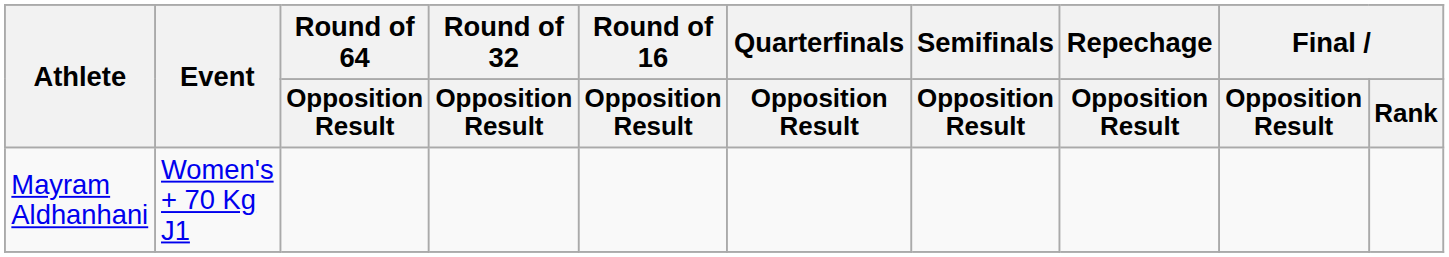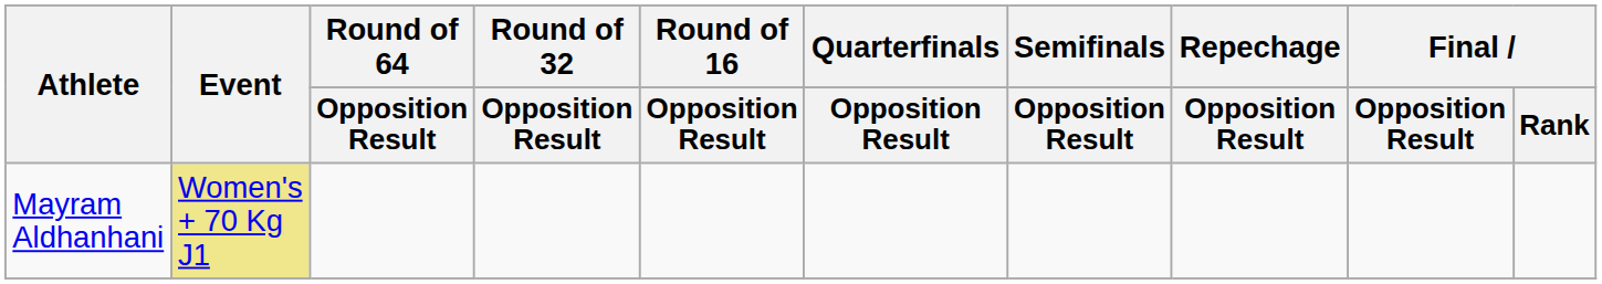 <table class="wikitable" style="font-size:90%">
 <tr>
 <th rowspan="2">Athlete</th>
 <th rowspan="2">Event</th>
 <th>Round of 64</th>
 <th>Round of 32</th>
 <th>Round of 16</th>
 <th>Quarterfinals</th>
 <th>Semifinals</th>
 <th>Repechage</th>
 <th colspan=2>Final / </th>
 </tr>
 <tr style="font-size:95%">
 <th>Opposition<br>Result</th>
 <th>Opposition<br>Result</th>
 <th>Opposition<br>Result</th>
 <th>Opposition<br>Result</th>
 <th>Opposition<br>Result</th>
 <th>Opposition<br>Result</th>
 <th>Opposition<br>Result</th>
 <th>Rank</th>
 </tr>
 <tr align=center>
 <td align=left><a href='#'>Mayram Aldhanhani</a></td>
-<td align=left><a href='#'>Women's + 70 Kg J1</a></td>
+<td align=left style="background: khaki;"><a href='#'>Women's + 70 Kg J1</a></td>
 <td></td>
 <td></td>
 <td></td>
 <td></td>
 <td></td>
 <td></td>
 <td></td>
 <td></td>
 </tr>
 </table>
